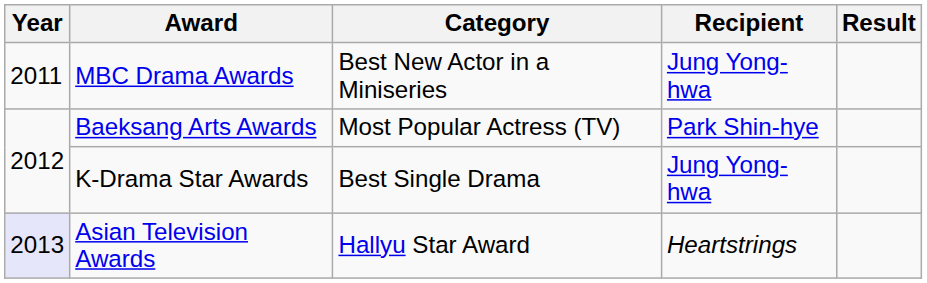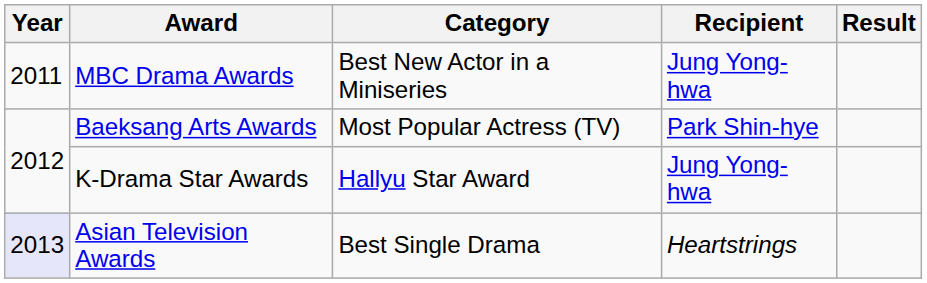 <table class="wikitable">
 <tr>
 <th>Year</th>
 <th>Award</th>
 <th>Category</th>
 <th>Recipient</th>
 <th>Result</th>
 </tr>
 <tr>
 <td>2011</td>
 <td><a href='#'>MBC Drama Awards</a></td>
 <td>Best New Actor in a Miniseries</td>
 <td><a href='#'>Jung Yong-hwa</a></td>
 <td></td>
 </tr>
 <tr>
 <td rowspan=2>2012</td>
 <td><a href='#'>Baeksang Arts Awards</a></td>
 <td>Most Popular Actress (TV)</td>
 <td><a href='#'>Park Shin-hye</a></td>
 <td></td>
 </tr>
 <tr>
 <td>K-Drama Star Awards</td>
-<td>Best Single Drama</td>
+<td><a href='#'>Hallyu</a> Star Award</td>
 <td><a href='#'>Jung Yong-hwa</a></td>
 <td></td>
 </tr>
 <tr>
 <td style="background: lavender;">2013</td>
 <td><a href='#'>Asian Television Awards</a></td>
-<td><a href='#'>Hallyu</a> Star Award</td>
+<td>Best Single Drama</td>
 <td><em>Heartstrings</em></td>
 <td></td>
 </tr>
 </table>
